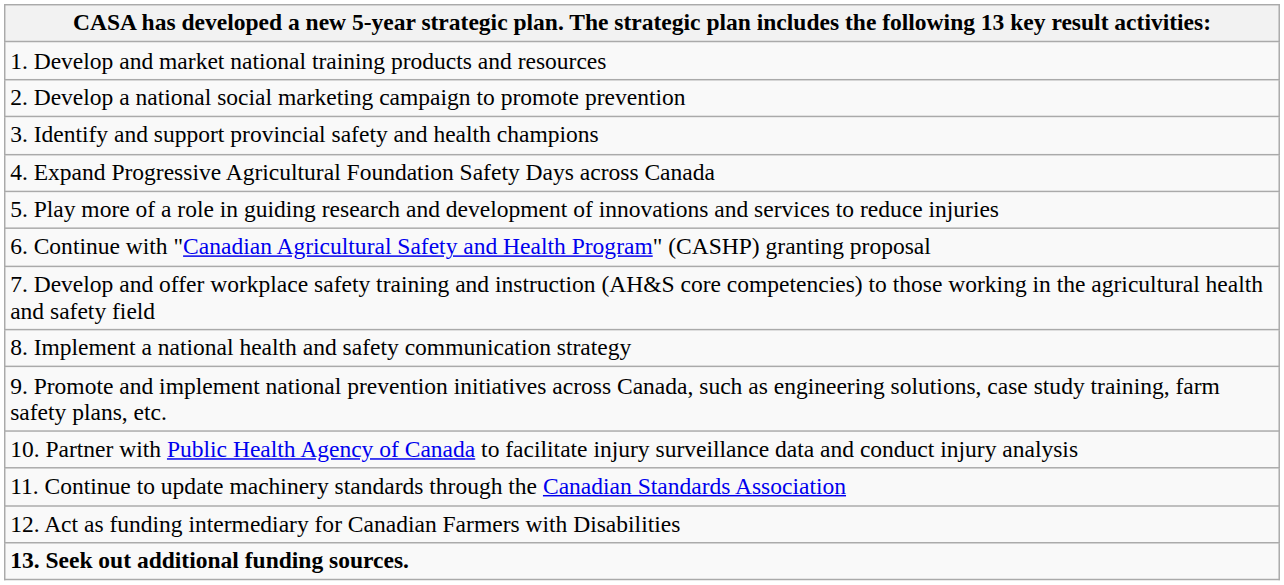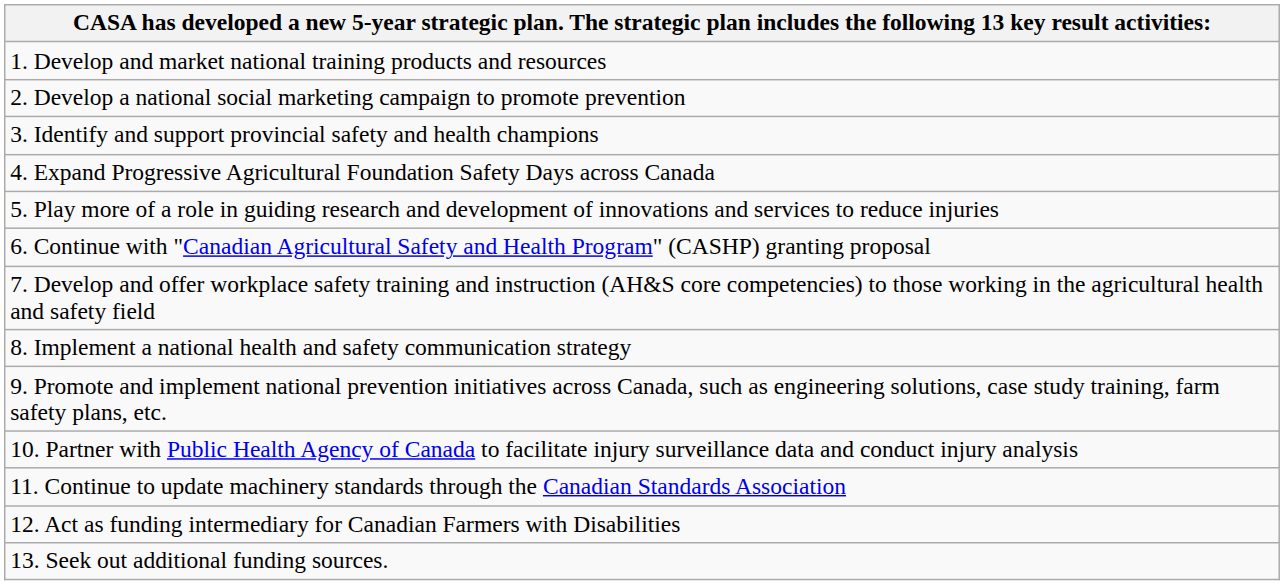 <table class="wikitable" border="1">
 <tr>
 <th>CASA has developed a new 5-year strategic plan.  The strategic plan includes the following 13 key result activities:</th>
 </tr>
 <tr>
 <td>1. Develop and market national training products and resources</td>
 </tr>
 <tr>
 <td>2. Develop a national social marketing campaign to promote prevention</td>
 </tr>
 <tr>
 <td>3. Identify and support provincial safety and health champions</td>
 </tr>
 <tr>
 <td>4. Expand  Progressive Agricultural Foundation Safety Days across Canada</td>
 </tr>
 <tr>
 <td>5. Play more of a role in guiding research and development of innovations and services to reduce injuries</td>
 </tr>
 <tr>
 <td>6. Continue with "<a href='#'>Canadian Agricultural Safety and Health Program</a>" (CASHP) granting proposal</td>
 </tr>
 <tr>
 <td>7. Develop and offer workplace safety training and instruction (AH&S core competencies) to those working in the agricultural health and safety field</td>
 </tr>
 <tr>
 <td>8. Implement a national health and safety communication strategy</td>
 </tr>
 <tr>
 <td>9. Promote and implement national prevention initiatives across Canada, such as engineering solutions, case study training, farm safety plans, etc.</td>
 </tr>
 <tr>
 <td>10. Partner with <a href='#'>Public Health Agency of Canada</a> to facilitate injury surveillance data and conduct injury analysis</td>
 </tr>
 <tr>
 <td>11. Continue to update machinery standards through the <a href='#'>Canadian Standards Association</a></td>
 </tr>
 <tr>
 <td>12. Act as funding intermediary for Canadian Farmers with Disabilities</td>
 </tr>
 <tr>
-<td><strong>13. Seek out additional funding sources.</strong></td>
+<td>13. Seek out additional funding sources.</td>
 </tr>
 </table>
